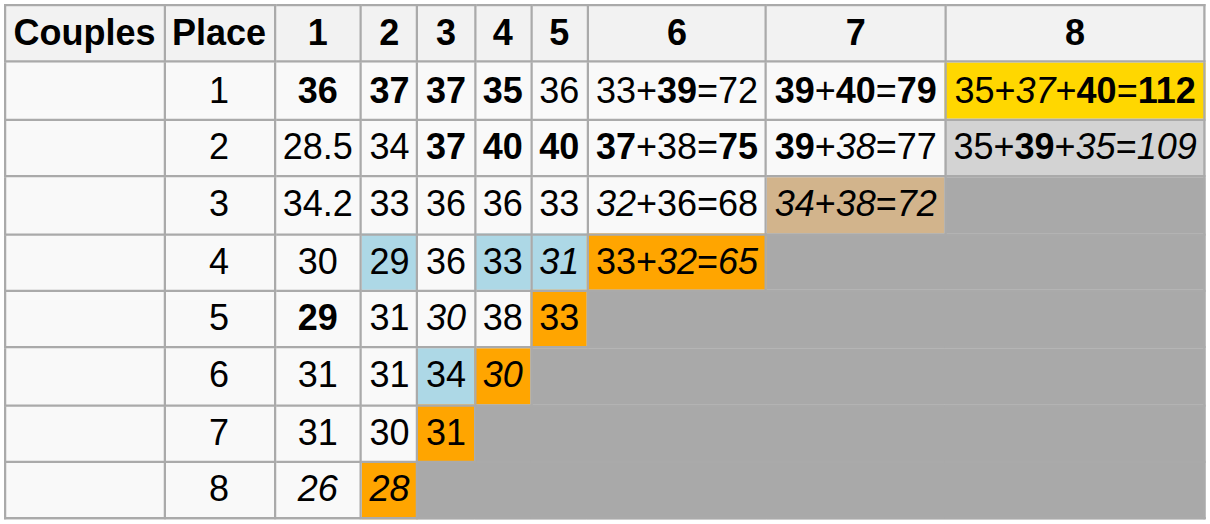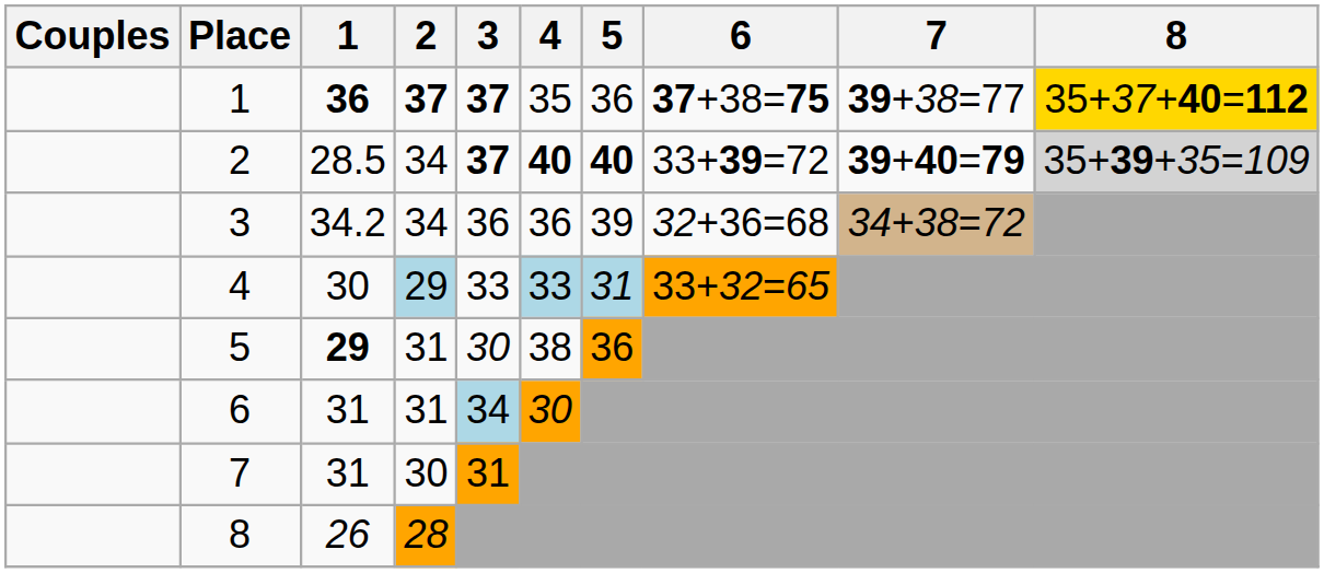 <table class="wikitable sortable" align="center">
 <tr>
 <th>Couples</th>
 <th>Place</th>
 <th>1</th>
 <th>2</th>
 <th>3</th>
 <th>4</th>
 <th>5</th>
 <th>6</th>
 <th>7</th>
 <th>8</th>
 </tr>
 <tr align=center>
 <td></td>
 <td>1</td>
 <td><span><strong>36</strong></span></td>
 <td><span><strong>37</strong></span></td>
 <td><span><strong>37</strong></span></td>
-<td><strong>35</strong></td>
+<td>35</td>
 <td>36</td>
-<td>33+<span><strong>39</strong></span>=72</td>
-<td><span><strong>39</strong></span>+<span><strong>40</strong></span>=<span><strong>79</strong></span></td>
+<td><span><strong>37</strong></span>+38=<span><strong>75</strong></span></td>
+<td><span><strong>39</strong></span>+<span><em>38</em></span>=77</td>
 <td bgcolor="gold">35+<span><em>37</em></span>+<span><strong>40</strong></span>=<span><strong>112</strong></span></td>
 </tr>
 <tr align=center>
 <td></td>
 <td>2</td>
 <td>28.5</td>
 <td>34</td>
 <td><span><strong>37</strong></span></td>
 <td><span><strong>40</strong></span></td>
 <td><span><strong>40</strong></span></td>
-<td><span><strong>37</strong></span>+38=<span><strong>75</strong></span></td>
-<td><span><strong>39</strong></span>+<span><em>38</em></span>=77</td>
+<td>33+<span><strong>39</strong></span>=72</td>
+<td><span><strong>39</strong></span>+<span><strong>40</strong></span>=<span><strong>79</strong></span></td>
 <td bgcolor="lightgray">35+<span><strong>39</strong></span>+<span><em>35</em></span>=<span><em>109</em></span></td>
 </tr>
 <tr align=center>
 <td></td>
 <td>3</td>
 <td>34.2</td>
-<td>33</td>
+<td>34</td>
 <td>36</td>
 <td>36</td>
-<td>33</td>
+<td>39</td>
 <td><span><em>32</em></span>+36=68</td>
 <td bgcolor="tan"><span><em>34</em></span>+<span><em>38</em></span>=<span><em>72</em></span></td>
 <td bgcolor="darkgray"></td>
 </tr>
 <tr align=center>
 <td></td>
 <td>4</td>
 <td>30</td>
 <td bgcolor="lightblue">29</td>
-<td>36</td>
+<td>33</td>
 <td bgcolor="lightblue">33</td>
 <td bgcolor="lightblue"><span><em>31</em></span></td>
 <td bgcolor="orange">33+<span><em>32</em></span>=<span><em>65</em></span></td>
 <td colspan=2 bgcolor="darkgray"></td>
 </tr>
 <tr align=center>
 <td></td>
 <td>5</td>
 <td><strong>29</strong></td>
 <td>31</td>
 <td><span><em>30</em></span></td>
 <td>38</td>
-<td bgcolor="orange">33</td>
+<td bgcolor="orange">36</td>
 <td colspan=3 bgcolor="darkgray"></td>
 </tr>
 <tr align=center>
 <td></td>
 <td>6</td>
 <td>31</td>
 <td>31</td>
 <td bgcolor="lightblue">34</td>
 <td bgcolor="orange"><span><em>30</em></span></td>
 <td colspan=4 bgcolor="darkgray"></td>
 </tr>
 <tr align=center>
 <td></td>
 <td>7</td>
 <td>31</td>
 <td>30</td>
 <td bgcolor="orange">31</td>
 <td colspan=5 bgcolor="darkgray"></td>
 </tr>
 <tr align=center>
 <td></td>
 <td>8</td>
 <td><span><em>26</em></span></td>
 <td bgcolor="orange"><span><em>28</em></span></td>
 <td colspan=6 bgcolor="darkgray"></td>
 </tr>
 <tr>
 </tr>
 </table>
